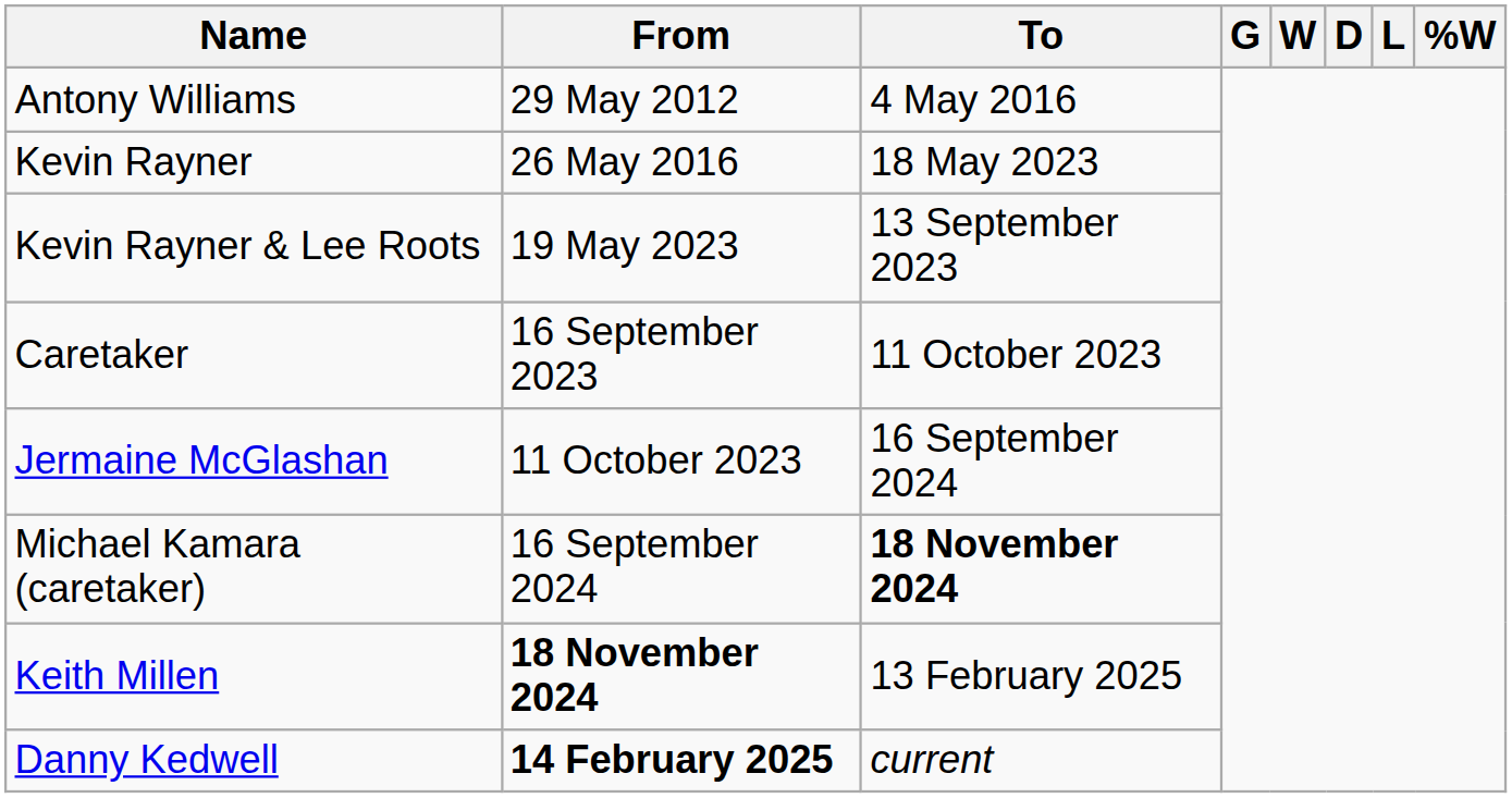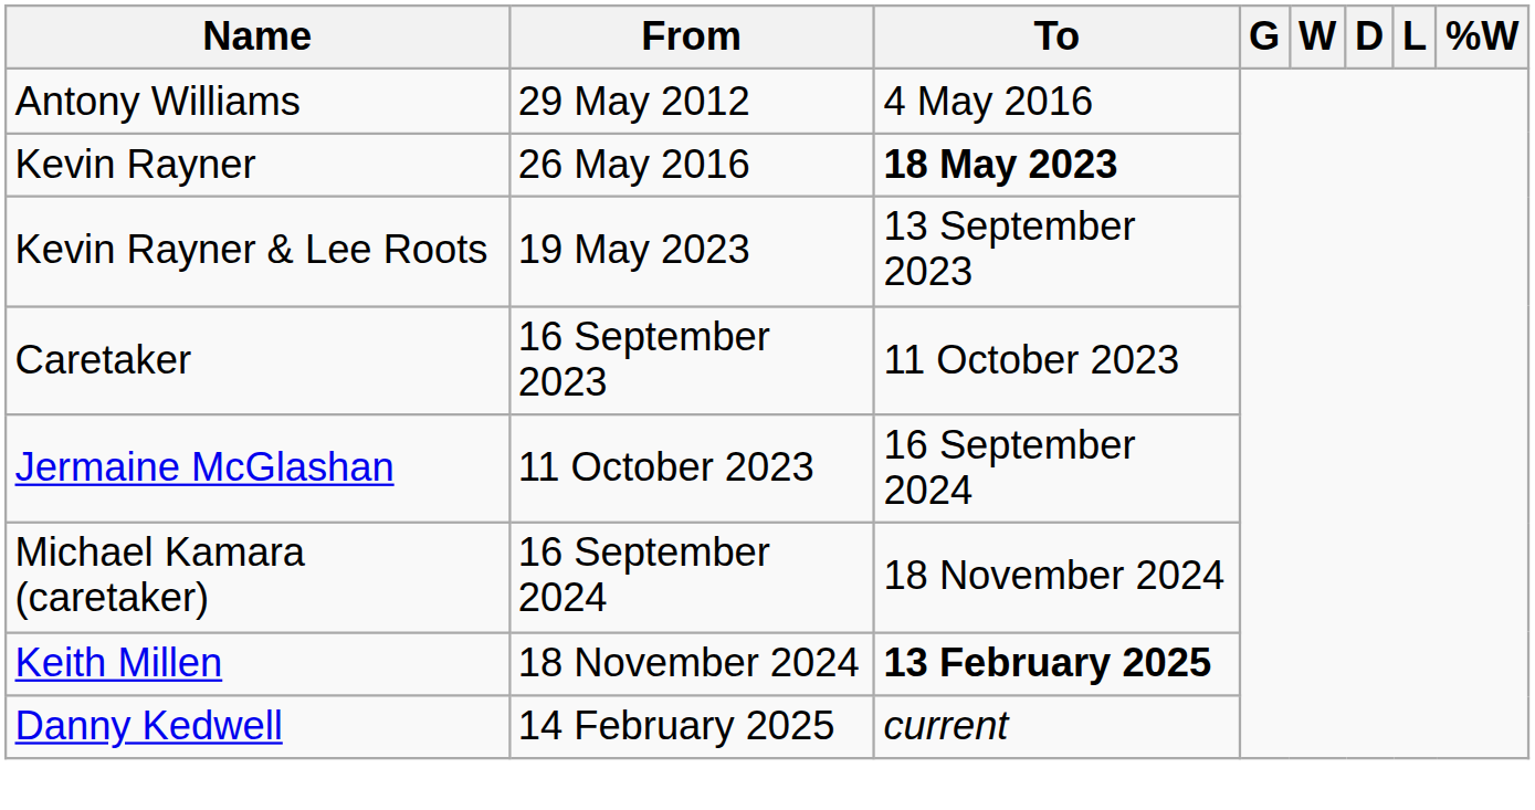 <table class="wikitable sortable" style=text-align:center>
 <tr>
 <th>Name</th>
 <th>From</th>
 <th>To</th>
 <th>G</th>
 <th>W</th>
 <th>D</th>
 <th>L</th>
 <th>%W</th>
 </tr>
 <tr>
 <td align=left>Antony Williams</td>
 <td align=left>29 May 2012</td>
 <td align=left>4 May 2016<br></td>
 </tr>
 <tr>
 <td align=left>Kevin Rayner</td>
 <td align=left>26 May 2016</td>
-<td align=left>18 May 2023<br></td>
+<td align=left><strong>18 May 2023<br></strong></td>
 </tr>
 <tr>
 <td align=left>Kevin Rayner & Lee Roots</td>
 <td align=left>19 May 2023</td>
 <td align=left>13 September 2023<br></td>
 </tr>
 <tr>
 <td align=left>Caretaker</td>
 <td align=left>16 September 2023</td>
 <td align=left>11 October 2023<br></td>
 </tr>
 <tr>
 <td align=left><a href='#'>Jermaine McGlashan</a></td>
 <td align=left>11 October 2023</td>
 <td align=left>16 September 2024<br></td>
 </tr>
 <tr>
 <td align=left>Michael Kamara (caretaker)</td>
 <td align=left>16 September 2024</td>
-<td align=left><strong>18 November 2024<br></strong></td>
+<td align=left>18 November 2024<br></td>
 </tr>
 <tr>
 <td align=left><a href='#'>Keith Millen</a></td>
-<td align=left><strong>18 November 2024</strong></td>
-<td align=left>13 February 2025<br></td>
+<td align=left>18 November 2024</td>
+<td align=left><strong>13 February 2025<br></strong></td>
 </tr>
 <tr>
 <td align=left><a href='#'>Danny Kedwell</a></td>
-<td align=left><strong>14 February 2025</strong></td>
+<td align=left>14 February 2025</td>
 <td align=left><em>current</em><br></td>
 </tr>
 </table>
